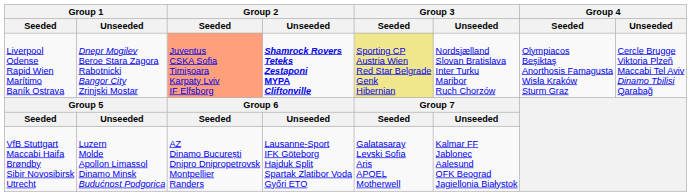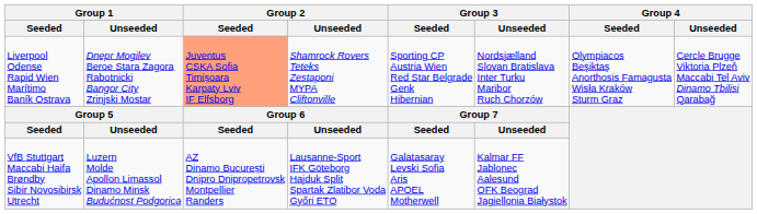 <table class="wikitable" style="font-size:85%">
 <tr>
 <th colspan=2>Group 1</th>
 <th colspan=2>Group 2</th>
 <th colspan=2>Group 3</th>
 <th colspan=2>Group 4</th>
 </tr>
 <tr>
 <th>Seeded</th>
 <th>Unseeded</th>
 <th>Seeded</th>
 <th>Unseeded</th>
 <th>Seeded</th>
 <th>Unseeded</th>
 <th>Seeded</th>
 <th>Unseeded</th>
 </tr>
 <tr>
 <td valign=top><br> <a href='#'>Liverpool</a><br>  <a href='#'>Odense</a><br>  <a href='#'>Rapid Wien</a><br>  <a href='#'>Marítimo</a><br>  <a href='#'>Baník Ostrava</a></td>
 <td valign=top><br> <em><a href='#'>Dnepr Mogilev</a></em><br>  <a href='#'>Beroe Stara Zagora</a><br>  <a href='#'>Rabotnicki</a><br>  <em><a href='#'>Bangor City</a></em><br>  <a href='#'>Zrinjski Mostar</a></td>
 <td valign=top style="background: lightsalmon;"><br> <a href='#'>Juventus</a><br>  <a href='#'>CSKA Sofia</a><br>  <a href='#'>Timișoara</a><br>  <a href='#'>Karpaty Lviv</a><br>  <a href='#'>IF Elfsborg</a></td>
-<td valign=top><strong><br> <em><a href='#'>Shamrock Rovers</a></em><br>  <em><a href='#'>Teteks</a></em><br>  <em><a href='#'>Zestaponi</a></em><br>  <a href='#'>MYPA</a><br>  <em><a href='#'>Cliftonville</a></em></strong></td>
-<td valign=top style="background: khaki;"><br> <a href='#'>Sporting CP</a><br>  <a href='#'>Austria Wien</a><br>  <a href='#'>Red Star Belgrade</a><br>  <a href='#'>Genk</a><br>  <a href='#'>Hibernian</a></td>
+<td valign=top><br> <em><a href='#'>Shamrock Rovers</a></em><br>  <em><a href='#'>Teteks</a></em><br>  <em><a href='#'>Zestaponi</a></em><br>  <a href='#'>MYPA</a><br>  <em><a href='#'>Cliftonville</a></em></td>
+<td valign=top><br> <a href='#'>Sporting CP</a><br>  <a href='#'>Austria Wien</a><br>  <a href='#'>Red Star Belgrade</a><br>  <a href='#'>Genk</a><br>  <a href='#'>Hibernian</a></td>
 <td valign=top><br> <a href='#'>Nordsjælland</a><br>  <a href='#'>Slovan Bratislava</a><br>  <a href='#'>Inter Turku</a><br>  <a href='#'>Maribor</a><br>  <a href='#'>Ruch Chorzów</a></td>
 <td valign=top><br> <a href='#'>Olympiacos</a><br>  <a href='#'>Beşiktaş</a><br>  <a href='#'>Anorthosis Famagusta</a><br>  <a href='#'>Wisła Kraków</a><br>  <a href='#'>Sturm Graz</a></td>
 <td valign=top><br> <a href='#'>Cercle Brugge</a><br>  <a href='#'>Viktoria Plzeň</a><br>  <a href='#'>Maccabi Tel Aviv</a><br>  <em><a href='#'>Dinamo Tbilisi</a></em><br>  <a href='#'>Qarabağ</a></td>
 </tr>
 <tr>
 <th colspan=2>Group 5</th>
 <th colspan=2>Group 6</th>
 <th colspan=2>Group 7</th>
 <th rowspan=3 colspan=2> </th>
 </tr>
 <tr>
 <th>Seeded</th>
 <th>Unseeded</th>
 <th>Seeded</th>
 <th>Unseeded</th>
 <th>Seeded</th>
 <th>Unseeded</th>
 </tr>
 <tr>
 <td valign=top><br> <a href='#'>VfB Stuttgart</a><br>  <a href='#'>Maccabi Haifa</a><br>  <a href='#'>Brøndby</a><br>  <a href='#'>Sibir Novosibirsk</a><br>  <a href='#'>Utrecht</a></td>
 <td valign=top><br> <a href='#'>Luzern</a><br>  <a href='#'>Molde</a><br>  <a href='#'>Apollon Limassol</a><br>  <a href='#'>Dinamo Minsk</a><br>  <em><a href='#'>Budućnost Podgorica</a></em><br></td>
 <td valign=top><br> <a href='#'>AZ</a><br>  <a href='#'>Dinamo București</a><br>  <a href='#'>Dnipro Dnipropetrovsk</a><br>  <a href='#'>Montpellier</a><br>  <a href='#'>Randers</a></td>
 <td valign=top><br> <a href='#'>Lausanne-Sport</a><br>  <a href='#'>IFK Göteborg</a><br>  <a href='#'>Hajduk Split</a><br>  <a href='#'>Spartak Zlatibor Voda</a><br>  <a href='#'>Győri ETO</a></td>
 <td valign=top><br> <a href='#'>Galatasaray</a><br>  <a href='#'>Levski Sofia</a><br>  <a href='#'>Aris</a><br>  <a href='#'>APOEL</a><br>  <a href='#'>Motherwell</a></td>
 <td valign=top><br> <a href='#'>Kalmar FF</a><br>  <a href='#'>Jablonec</a><br>  <a href='#'>Aalesund</a><br>  <a href='#'>OFK Beograd</a><br>  <a href='#'>Jagiellonia Białystok</a></td>
 </tr>
 </table>
